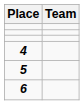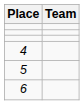 <table class="wikitable" style="text-align:center">
 <tr>
 <th>Place</th>
 <th>Team</th>
 </tr>
 <tr>
 <td></td>
 <td style="text-align:left;"></td>
 </tr>
 <tr>
 <td></td>
 <td style="text-align:left;"></td>
 </tr>
 <tr>
 <td></td>
 <td style="text-align:left;"></td>
 </tr>
 <tr>
-<td><strong><em>4</em></strong></td>
+<td><em>4</em></td>
 <td style="text-align:left;"></td>
 </tr>
 <tr>
-<td><strong><em>5</em></strong></td>
+<td><em>5</em></td>
 <td style="text-align:left;"></td>
 </tr>
 <tr>
-<td><strong><em>6</em></strong></td>
+<td><em>6</em></td>
 <td style="text-align:left;"></td>
 </tr>
 </table>
